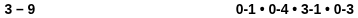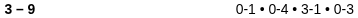 <table>
 <tr>
 <th width=200></th>
 <th width=80></th>
 <th width=200></th>
 <th width=220></th>
 </tr>
 <tr>
 <td align=right></td>
 <td align=center><strong>3 – 9</strong></td>
 <td><strong></strong></td>
-<td><strong>0-1 • 0-4 • 3-1 • 0-3</strong></td>
+<td>0-1 • 0-4 • 3-1 • 0-3</td>
 </tr>
 </table>
